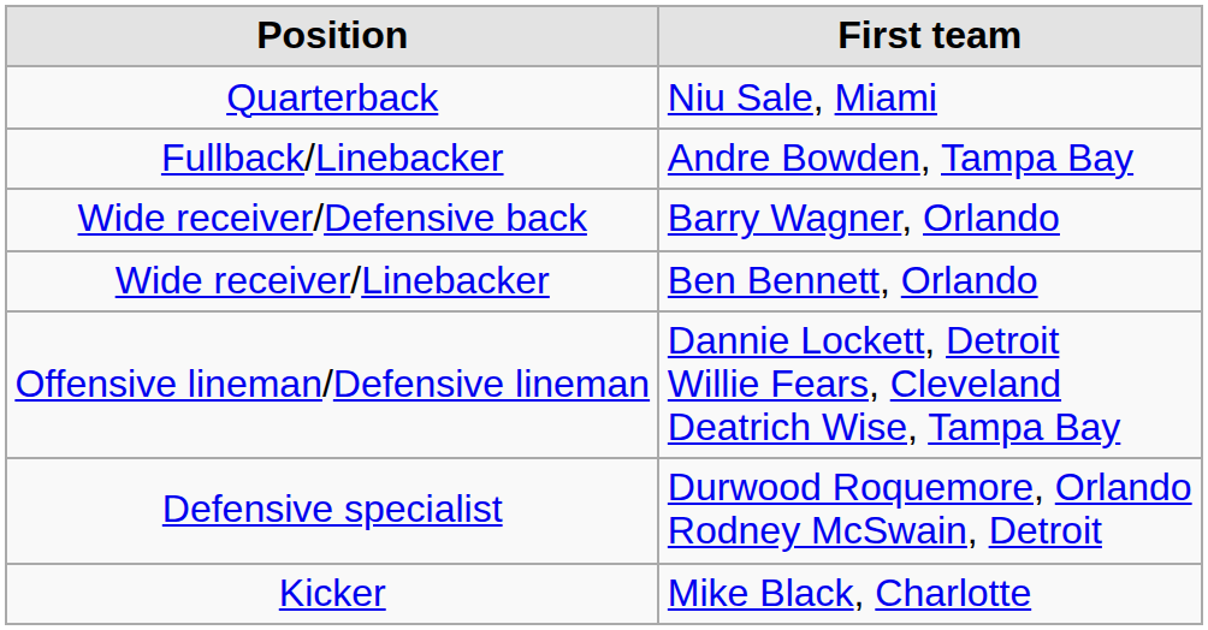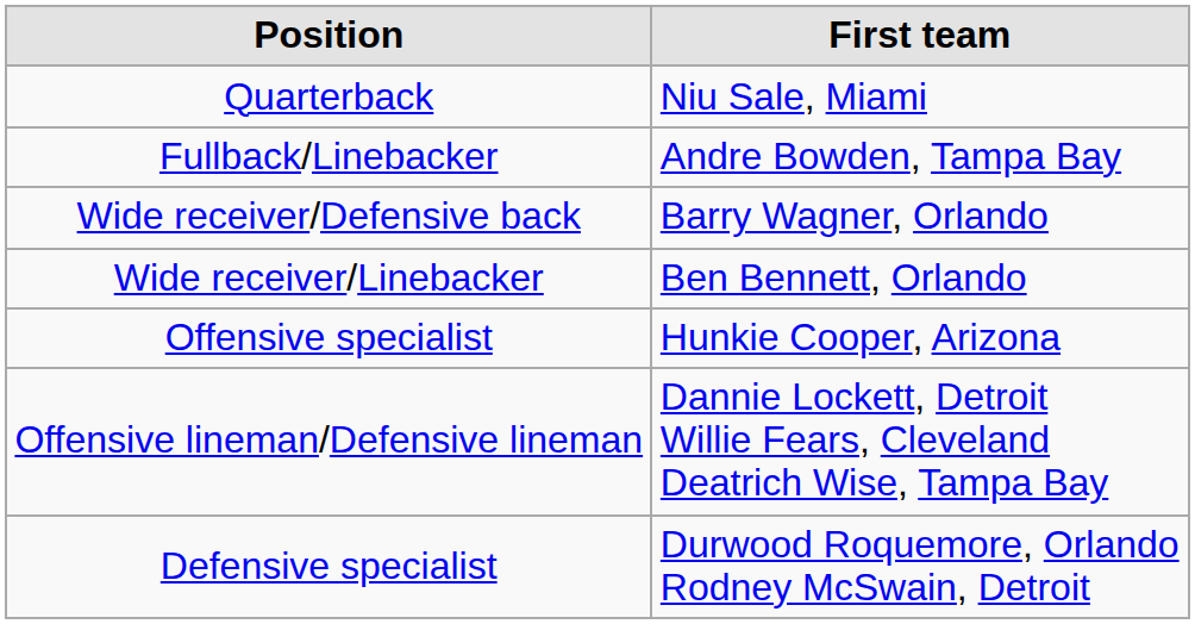 <table class="wikitable">
 <tr>
 <th style="background:#e3e3e3;">Position</th>
 <th style="background:#e3e3e3;">First team</th>
 </tr>
 <tr>
 <td align=center><a href='#'>Quarterback</a></td>
 <td><a href='#'>Niu Sale</a>, <a href='#'>Miami</a></td>
 </tr>
 <tr>
 <td align=center><a href='#'>Fullback</a>/<a href='#'>Linebacker</a></td>
 <td><a href='#'>Andre Bowden</a>, <a href='#'>Tampa Bay</a></td>
 </tr>
 <tr>
 <td align=center><a href='#'>Wide receiver</a>/<a href='#'>Defensive back</a></td>
 <td><a href='#'>Barry Wagner</a>, <a href='#'>Orlando</a></td>
 </tr>
 <tr>
 <td align=center><a href='#'>Wide receiver</a>/<a href='#'>Linebacker</a></td>
 <td><a href='#'>Ben Bennett</a>, <a href='#'>Orlando</a></td>
 </tr>
 <tr>
+<td align=center><a href='#'>Offensive specialist</a></td>
+<td><a href='#'>Hunkie Cooper</a>, <a href='#'>Arizona</a></td>
+</tr>
+<tr>
 <td align=center><a href='#'>Offensive lineman</a>/<a href='#'>Defensive lineman</a></td>
 <td><a href='#'>Dannie Lockett</a>, <a href='#'>Detroit</a><br><a href='#'>Willie Fears</a>, <a href='#'>Cleveland</a><br><a href='#'>Deatrich Wise</a>, <a href='#'>Tampa Bay</a></td>
 </tr>
 <tr>
 <td align=center><a href='#'>Defensive specialist</a></td>
 <td><a href='#'>Durwood Roquemore</a>, <a href='#'>Orlando</a><br><a href='#'>Rodney McSwain</a>, <a href='#'>Detroit</a></td>
 </tr>
-<tr>
-<td align=center><a href='#'>Kicker</a></td>
-<td><a href='#'>Mike Black</a>, <a href='#'>Charlotte</a></td>
-</tr>
 </table>
